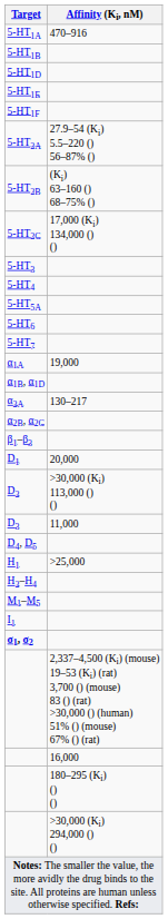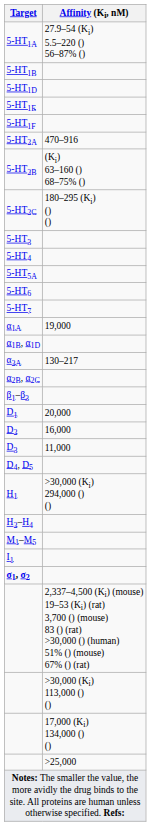 <table class="wikitable floatleft" style="font-size:small;">
 <tr>
 <th><a href='#'>Target</a></th>
 <th><a href='#'>Affinity</a> (K<sub>i</sub>, nM)</th>
 </tr>
 <tr>
 <td><a href='#'>5-HT<sub>1A</sub></a></td>
-<td>470–916</td>
+<td>27.9–54 (K<sub>i</sub>)<br>5.5–220 ()<br>56–87% ()</td>
 </tr>
 <tr>
 <td><a href='#'>5-HT<sub>1B</sub></a></td>
 <td></td>
 </tr>
 <tr>
 <td><a href='#'>5-HT<sub>1D</sub></a></td>
 <td></td>
 </tr>
 <tr>
 <td><a href='#'>5-HT<sub>1E</sub></a></td>
 <td></td>
 </tr>
 <tr>
 <td><a href='#'>5-HT<sub>1F</sub></a></td>
 <td></td>
 </tr>
 <tr>
 <td><a href='#'>5-HT<sub>2A</sub></a></td>
-<td>27.9–54 (K<sub>i</sub>)<br>5.5–220 ()<br>56–87% ()</td>
+<td>470–916</td>
 </tr>
 <tr>
 <td><a href='#'>5-HT<sub>2B</sub></a></td>
 <td> (K<sub>i</sub>)<br>63–160 ()<br>68–75% ()</td>
 </tr>
 <tr>
 <td><a href='#'>5-HT<sub>2C</sub></a></td>
-<td>17,000 (K<sub>i</sub>)<br>134,000 ()<br> ()</td>
+<td>180–295 (K<sub>i</sub>)<br> ()<br> ()</td>
 </tr>
 <tr>
 <td><a href='#'>5-HT<sub>3</sub></a></td>
 <td></td>
 </tr>
 <tr>
 <td><a href='#'>5-HT<sub>4</sub></a></td>
 <td></td>
 </tr>
 <tr>
 <td><a href='#'>5-HT<sub>5A</sub></a></td>
 <td></td>
 </tr>
 <tr>
 <td><a href='#'>5-HT<sub>6</sub></a></td>
 <td></td>
 </tr>
 <tr>
 <td><a href='#'>5-HT<sub>7</sub></a></td>
 <td></td>
 </tr>
 <tr>
 <td><a href='#'>α<sub>1A</sub></a></td>
 <td>19,000</td>
 </tr>
 <tr>
 <td><a href='#'>α<sub>1B</sub></a>, <a href='#'>α<sub>1D</sub></a></td>
 <td></td>
 </tr>
 <tr>
 <td><a href='#'>α<sub>2A</sub></a></td>
 <td>130–217</td>
 </tr>
 <tr>
 <td><a href='#'>α<sub>2B</sub></a>, <a href='#'>α<sub>2C</sub></a></td>
 <td></td>
 </tr>
 <tr>
 <td><a href='#'>β<sub>1</sub></a>–<a href='#'>β<sub>3</sub></a></td>
 <td></td>
 </tr>
 <tr>
 <td><a href='#'>D<sub>1</sub></a></td>
 <td>20,000</td>
 </tr>
 <tr>
 <td><a href='#'>D<sub>2</sub></a></td>
-<td>>30,000 (K<sub>i</sub>)<br>113,000 ()<br> ()</td>
+<td>16,000</td>
 </tr>
 <tr>
 <td><a href='#'>D<sub>3</sub></a></td>
 <td>11,000</td>
 </tr>
 <tr>
 <td><a href='#'>D<sub>4</sub></a>, <a href='#'>D<sub>5</sub></a></td>
 <td></td>
 </tr>
 <tr>
 <td><a href='#'>H<sub>1</sub></a></td>
-<td>>25,000</td>
+<td>>30,000 (K<sub>i</sub>)<br>294,000 ()<br> ()</td>
 </tr>
 <tr>
 <td><a href='#'>H<sub>2</sub></a>–<a href='#'>H<sub>4</sub></a></td>
 <td></td>
 </tr>
 <tr>
 <td><a href='#'>M<sub>1</sub></a>–<a href='#'>M<sub>5</sub></a></td>
 <td></td>
 </tr>
 <tr>
 <td><a href='#'>I<sub>1</sub></a></td>
 <td></td>
 </tr>
 <tr>
 <td><strong><a href='#'>σ<sub>1</sub></a>, <a href='#'>σ<sub>2</sub></a></strong></td>
 <td></td>
 </tr>
 <tr>
 <td></td>
 <td>2,337–4,500 (K<sub>i</sub>) (mouse)<br>19–53 (K<sub>i</sub>) (rat)<br>3,700 () (mouse)<br>83 () (rat)<br>>30,000 () (human)<br>51% () (mouse)<br>67% () (rat)</td>
 </tr>
 <tr>
 <td></td>
-<td>16,000</td>
+<td>>30,000 (K<sub>i</sub>)<br>113,000 ()<br> ()</td>
 </tr>
 <tr>
 <td></td>
-<td>180–295 (K<sub>i</sub>)<br> ()<br> ()</td>
+<td>17,000 (K<sub>i</sub>)<br>134,000 ()<br> ()</td>
 </tr>
 <tr>
 <td></td>
-<td>>30,000 (K<sub>i</sub>)<br>294,000 ()<br> ()</td>
+<td>>25,000</td>
 </tr>
 <tr class="sortbottom">
 <td colspan="2" style="width: 1px; background-color:#eaecf0; text-align: center;"><strong>Notes:</strong> The smaller the value, the more avidly the drug binds to the site. All proteins are human unless otherwise specified. <strong>Refs:</strong> </td>
 </tr>
 </table>
